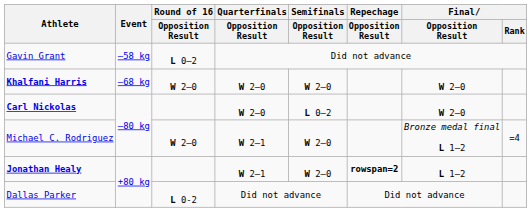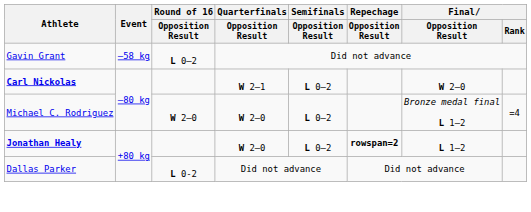 <table class=wikitable style=font-size:90%;text-align:center>
 <tr>
 <th rowspan=2>Athlete</th>
 <th rowspan=2>Event</th>
 <th>Round of 16</th>
 <th>Quarterfinals</th>
 <th>Semifinals</th>
 <th>Repechage</th>
 <th colspan=2>Final/ </th>
 </tr>
 <tr style=font-size:95%>
 <th>Opposition<br>Result</th>
 <th>Opposition<br>Result</th>
 <th>Opposition<br>Result</th>
 <th>Opposition<br>Result</th>
 <th>Opposition<br>Result</th>
 <th>Rank</th>
 </tr>
 <tr>
 <td align=left><a href='#'>Gavin Grant</a></td>
 <td align=left><a href='#'>–58 kg</a></td>
 <td><br><strong>L</strong> 0–2</td>
 <td colspan=5>Did not advance</td>
 </tr>
 <tr>
-<td align=left><strong><a href='#'>Khalfani Harris</a> </strong></td>
-<td align=left><a href='#'>–68 kg</a></td>
-<td><br><strong>W</strong> 2–0</td>
-<td><br><strong>W</strong> 2–0</td>
-<td><br><strong>W</strong> 2–0</td>
-<td></td>
-<td><br><strong>W</strong> 2–0</td>
-<td></td>
-</tr>
-<tr>
 <td align=left><strong><a href='#'>Carl Nickolas</a></strong></td>
 <td align=left rowspan=2><a href='#'>–80 kg</a></td>
 <td></td>
-<td><br><strong>W</strong> 2–0</td>
+<td><br><strong>W</strong> 2–1</td>
 <td><br><strong>L</strong> 0–2</td>
 <td></td>
 <td><br><strong>W</strong> 2–0</td>
 <td></td>
 </tr>
 <tr>
 <td align=left><a href='#'>Michael C. Rodriguez</a></td>
 <td><br><strong>W</strong> 2–0</td>
-<td><br><strong>W</strong> 2–1</td>
 <td><br><strong>W</strong> 2–0</td>
+<td><br><strong>L</strong> 0–2</td>
 <td></td>
 <td><em>Bronze medal final</em><br><br><strong>L</strong> 1–2</td>
 <td>=4</td>
 </tr>
 <tr>
 <td align=left><strong><a href='#'>Jonathan Healy</a></strong></td>
 <td align=left rowspan=2><a href='#'>+80 kg</a></td>
 <td></td>
-<td><br><strong>W</strong> 2–1</td>
 <td><br><strong>W</strong> 2–0</td>
+<td><br><strong>L</strong> 0–2</td>
 <td><strong>rowspan=2 </strong></td>
 <td><br><strong>L</strong> 1–2</td>
 <td></td>
 </tr>
 <tr>
 <td align=left><a href='#'>Dallas Parker</a></td>
 <td><br><strong>L</strong> 0-2</td>
 <td colspan=2>Did not advance</td>
 <td colspan=2>Did not advance</td>
 </tr>
 </table>
